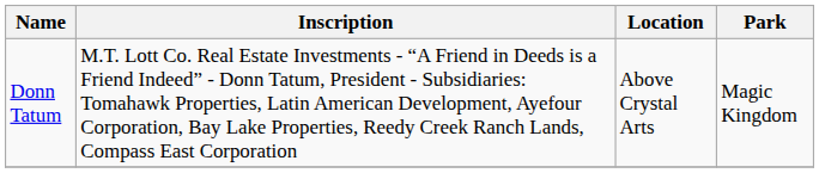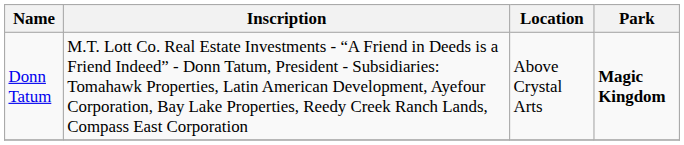 <table class="wikitable" style="font-size: 95%">
 <tr>
 <th>Name</th>
 <th>Inscription</th>
 <th>Location</th>
 <th>Park</th>
 </tr>
 <tr>
 <td><a href='#'>Donn Tatum</a></td>
 <td>M.T. Lott Co. Real Estate Investments - “A Friend in Deeds is a Friend Indeed” - Donn Tatum, President - Subsidiaries: Tomahawk Properties, Latin American Development, Ayefour Corporation, Bay Lake Properties, Reedy Creek Ranch Lands, Compass East Corporation</td>
 <td>Above Crystal Arts</td>
-<td>Magic Kingdom</td>
+<td><strong>Magic Kingdom</strong></td>
 </tr>
 <tr>
 </tr>
 </table>
